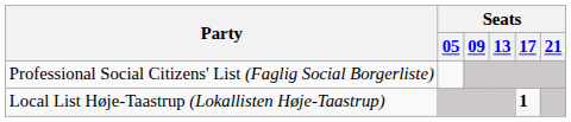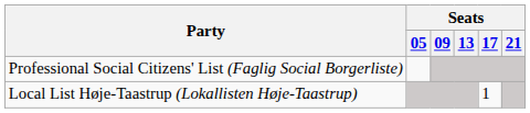 <table class="wikitable">
 <tr>
 <th rowspan=2>Party</th>
 <th colspan=11>Seats</th>
 </tr>
 <tr>
 <th><a href='#'>05</a></th>
 <th><a href='#'>09</a></th>
 <th><a href='#'>13</a></th>
 <th><a href='#'>17</a></th>
 <th><a href='#'>21</a></th>
 </tr>
 <tr>
 <td>Professional Social Citizens' List <em>(Faglig Social Borgerliste)</em></td>
 <td></td>
 <td style="background:#CDC9C9;" colspan=4></td>
 </tr>
 <tr>
 <td>Local List Høje-Taastrup <em>(Lokallisten Høje-Taastrup)</em></td>
 <td style="background:#CDC9C9;" colspan=3></td>
-<td><strong>1</strong></td>
+<td>1</td>
 <td style="background:#CDC9C9;"></td>
 </tr>
 </table>
